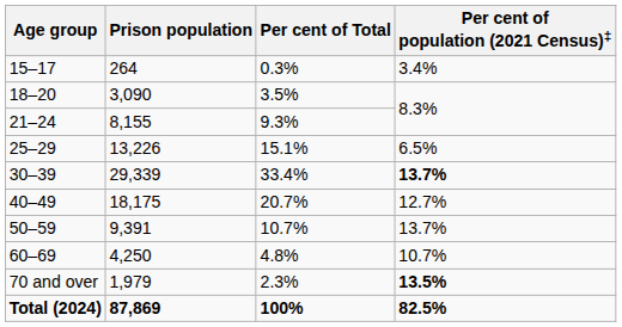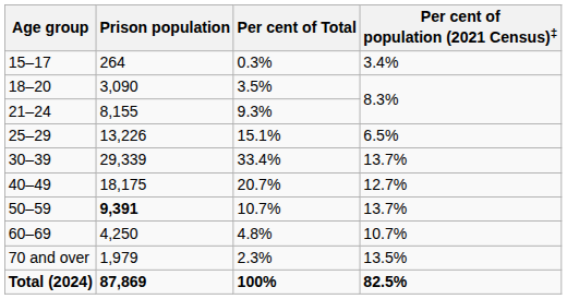 <table class="wikitable sortable">
 <tr>
 <th>Age group</th>
 <th>Prison population</th>
 <th>Per cent of Total</th>
 <th>Per cent of <br>population (2021 Census)<sup>‡</sup></th>
 </tr>
 <tr>
 <td>15–17</td>
 <td>264</td>
 <td>0.3%</td>
 <td>3.4%</td>
 </tr>
 <tr>
 <td>18–20</td>
 <td>3,090</td>
 <td>3.5%</td>
 <td rowspan="2">8.3%</td>
 </tr>
 <tr>
 <td>21–24</td>
 <td>8,155</td>
 <td>9.3%</td>
 </tr>
 <tr>
 <td>25–29</td>
 <td>13,226</td>
 <td>15.1%</td>
 <td>6.5%</td>
 </tr>
 <tr>
 <td>30–39</td>
 <td>29,339</td>
 <td>33.4%</td>
-<td><strong>13.7%</strong></td>
+<td>13.7%</td>
 </tr>
 <tr>
 <td>40–49</td>
 <td>18,175</td>
 <td>20.7%</td>
 <td>12.7%</td>
 </tr>
 <tr>
 <td>50–59</td>
-<td>9,391</td>
+<td><strong>9,391</strong></td>
 <td>10.7%</td>
 <td>13.7%</td>
 </tr>
 <tr>
 <td>60–69</td>
 <td>4,250</td>
 <td>4.8%</td>
 <td>10.7%</td>
 </tr>
 <tr>
 <td>70 and over</td>
 <td>1,979</td>
 <td>2.3%</td>
-<td><strong>13.5%</strong></td>
+<td>13.5%</td>
 </tr>
 <tr>
 <td><strong>Total (2024)</strong></td>
 <td><strong>87,869</strong></td>
 <td><strong>100%</strong></td>
 <td><strong>82.5%</strong></td>
 </tr>
 </table>
